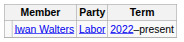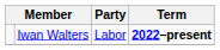 <table class="wikitable">
 <tr>
 <th colspan="2">Member</th>
 <th>Party</th>
 <th>Term</th>
 </tr>
 <tr>
 <td> </td>
 <td><a href='#'>Iwan Walters</a></td>
 <td><a href='#'>Labor</a></td>
-<td><a href='#'>2022</a>–present</td>
+<td><strong><a href='#'>2022</a>–present</strong></td>
 </tr>
 <tr>
 </tr>
 </table>
